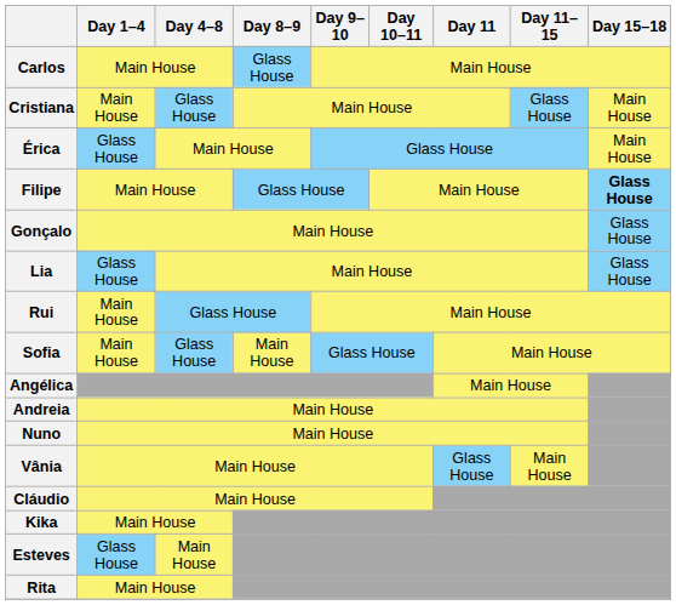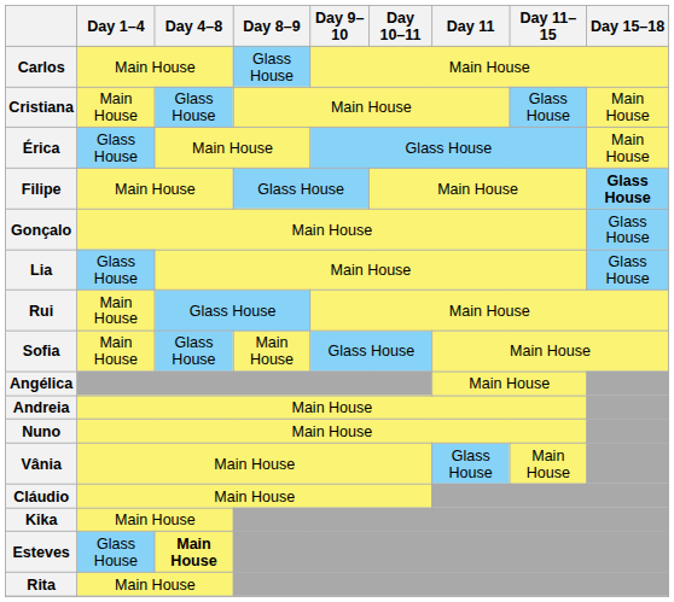 <table class="wikitable" style="text-align:center; font-size:90%; width:50%;">
 <tr>
 <th></th>
 <th>Day 1–4</th>
 <th>Day 4–8</th>
 <th>Day 8–9</th>
 <th>Day 9–10</th>
 <th>Day 10–11</th>
 <th>Day 11</th>
 <th>Day 11–15</th>
 <th>Day 15–18</th>
 </tr>
 <tr>
 <th>Carlos</th>
 <td colspan="2" bgcolor="#FBF373">Main House</td>
 <td bgcolor="#87D3F8">Glass House</td>
 <td colspan="5" bgcolor="#FBF373">Main House</td>
 </tr>
 <tr>
 <th>Cristiana</th>
 <td bgcolor="#FBF373">Main House</td>
 <td bgcolor="#87D3F8">Glass House</td>
 <td colspan="4" bgcolor="#FBF373">Main House</td>
 <td bgcolor="#87D3F8">Glass House</td>
 <td bgcolor="#FBF373">Main House</td>
 </tr>
 <tr>
 <th>Érica</th>
 <td bgcolor="#87D3F8">Glass House</td>
 <td colspan="2" bgcolor="#FBF373">Main House</td>
 <td colspan="4" bgcolor="#87D3F8">Glass House</td>
 <td bgcolor="#FBF373">Main House</td>
 </tr>
 <tr>
 <th>Filipe</th>
 <td colspan="2" bgcolor="#FBF373">Main House</td>
 <td colspan="2" bgcolor="#87D3F8">Glass House</td>
 <td colspan="3" bgcolor="#FBF373">Main House</td>
 <td bgcolor="#87D3F8"><strong>Glass House</strong></td>
 </tr>
 <tr>
 <th>Gonçalo</th>
 <td colspan="7" bgcolor="#FBF373">Main House</td>
 <td bgcolor="#87D3F8">Glass House</td>
 </tr>
 <tr>
 <th>Lia</th>
 <td bgcolor="#87D3F8">Glass House</td>
 <td colspan="6" bgcolor="#FBF373">Main House</td>
 <td bgcolor="#87D3F8">Glass House</td>
 </tr>
 <tr>
 <th>Rui</th>
 <td bgcolor="#FBF373">Main House</td>
 <td colspan="2" bgcolor="#87D3F8">Glass House</td>
 <td colspan="5" bgcolor="#FBF373">Main House</td>
 </tr>
 <tr>
 <th>Sofia</th>
 <td bgcolor="#FBF373">Main House</td>
 <td bgcolor="#87D3F8">Glass House</td>
 <td bgcolor="#FBF373">Main House</td>
 <td colspan="2" bgcolor="#87D3F8">Glass House</td>
 <td colspan="3" bgcolor="#FBF373">Main House</td>
 </tr>
 <tr>
 <th>Angélica</th>
 <td colspan="5" bgcolor="A9A9A9"></td>
 <td colspan="2" bgcolor="#FBF373">Main House</td>
 <td bgcolor="A9A9A9"></td>
 </tr>
 <tr>
 <th>Andreia</th>
 <td colspan="7" bgcolor="#FBF373">Main House</td>
 <td bgcolor="A9A9A9"></td>
 </tr>
 <tr>
 <th>Nuno</th>
 <td colspan="7" bgcolor="#FBF373">Main House</td>
 <td bgcolor="A9A9A9"></td>
 </tr>
 <tr>
 <th>Vânia</th>
 <td colspan="5" bgcolor="#FBF373">Main House</td>
 <td bgcolor="#87D3F8">Glass House</td>
 <td bgcolor="#FBF373">Main House</td>
 <td bgcolor="A9A9A9"></td>
 </tr>
 <tr>
 <th>Cláudio</th>
 <td colspan="5" bgcolor="#FBF373">Main House</td>
 <td colspan="3" bgcolor="A9A9A9"></td>
 </tr>
 <tr>
 <th>Kika</th>
 <td colspan="2" bgcolor="#FBF373">Main House</td>
 <td colspan="6" bgcolor="A9A9A9"></td>
 </tr>
 <tr>
 <th>Esteves</th>
 <td bgcolor="#87D3F8">Glass House</td>
-<td bgcolor="#FBF373">Main House</td>
+<td bgcolor="#FBF373"><strong>Main House</strong></td>
 <td colspan="6" bgcolor="A9A9A9"></td>
 </tr>
 <tr>
 <th>Rita</th>
 <td colspan="2" bgcolor="#FBF373">Main House</td>
 <td colspan="6" bgcolor="A9A9A9"></td>
 </tr>
 <tr>
 </tr>
 </table>
